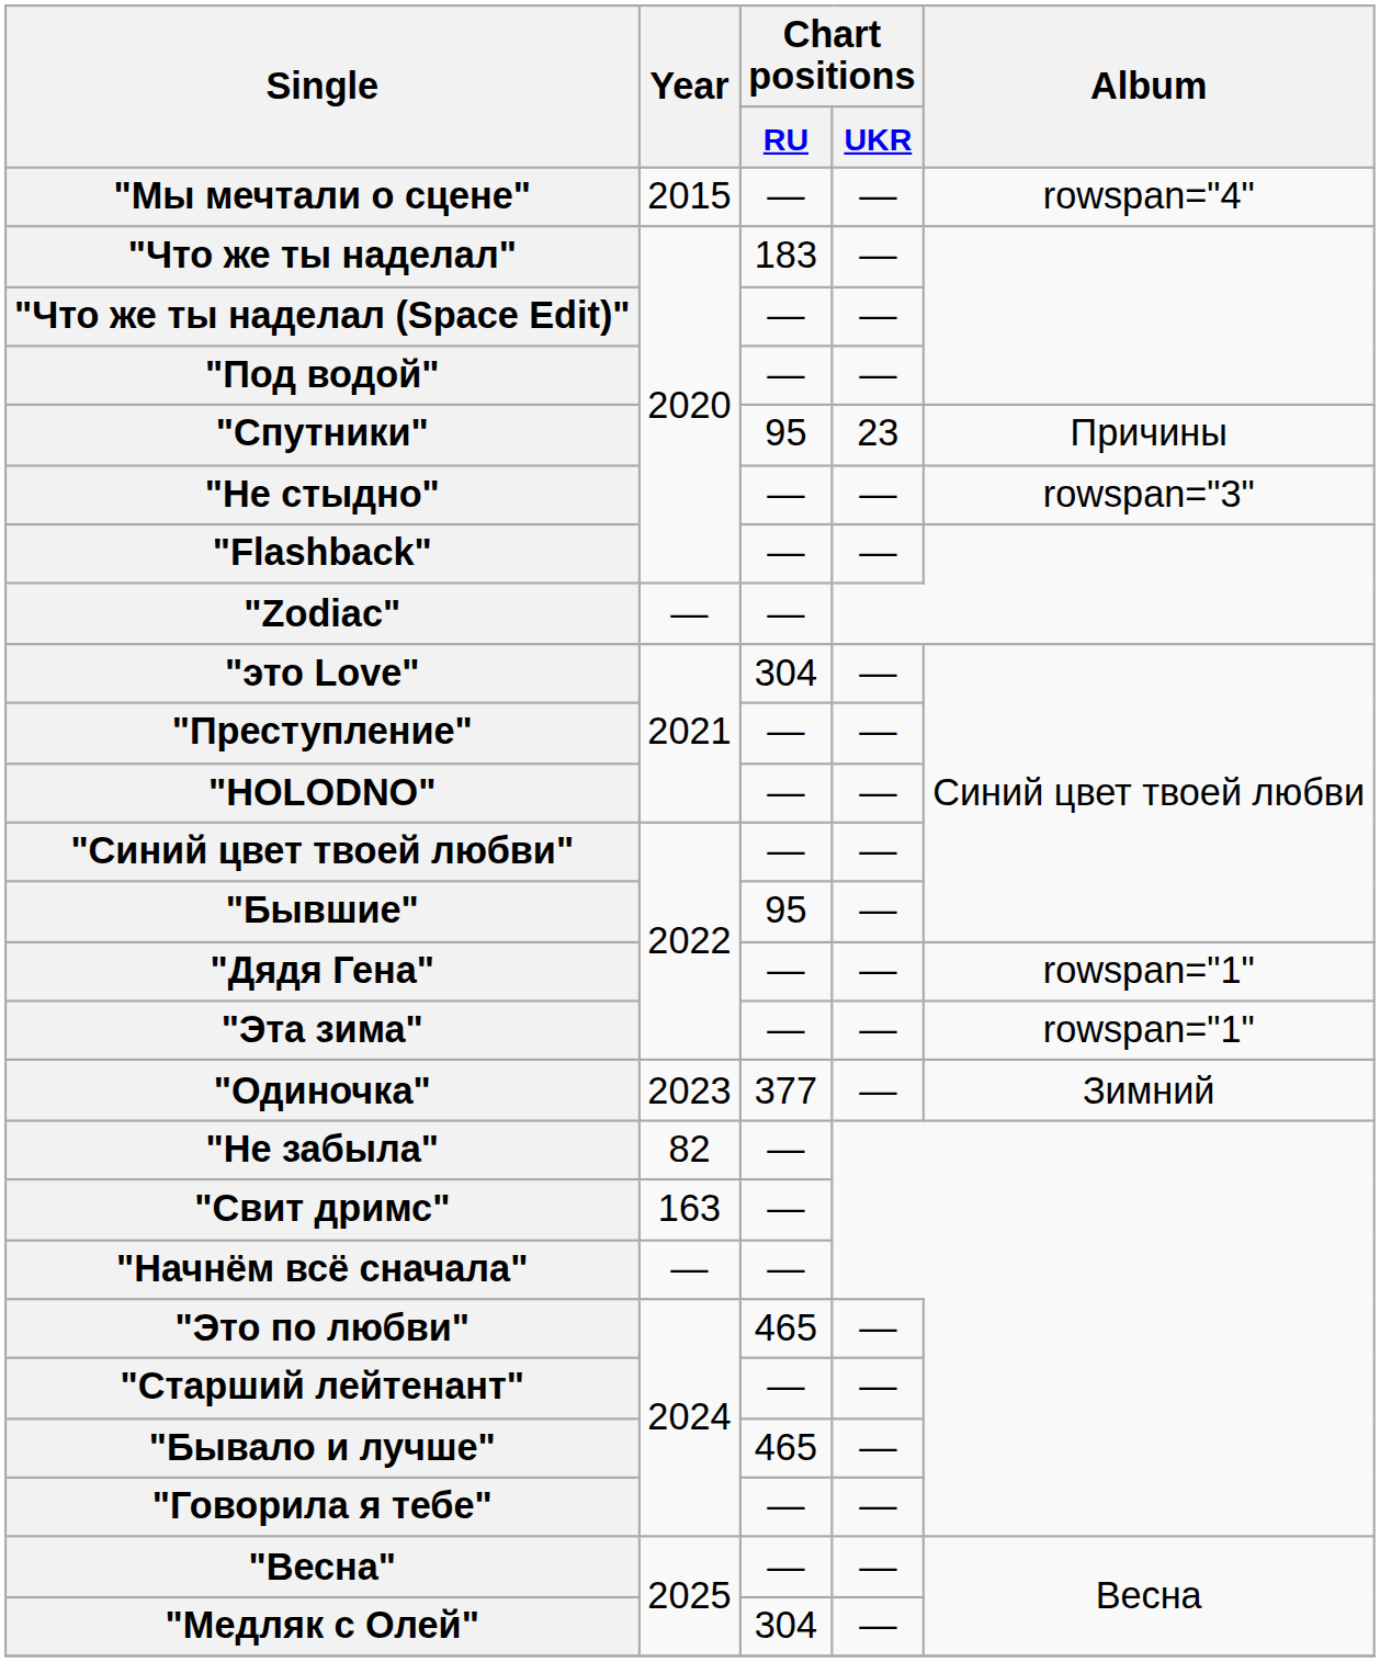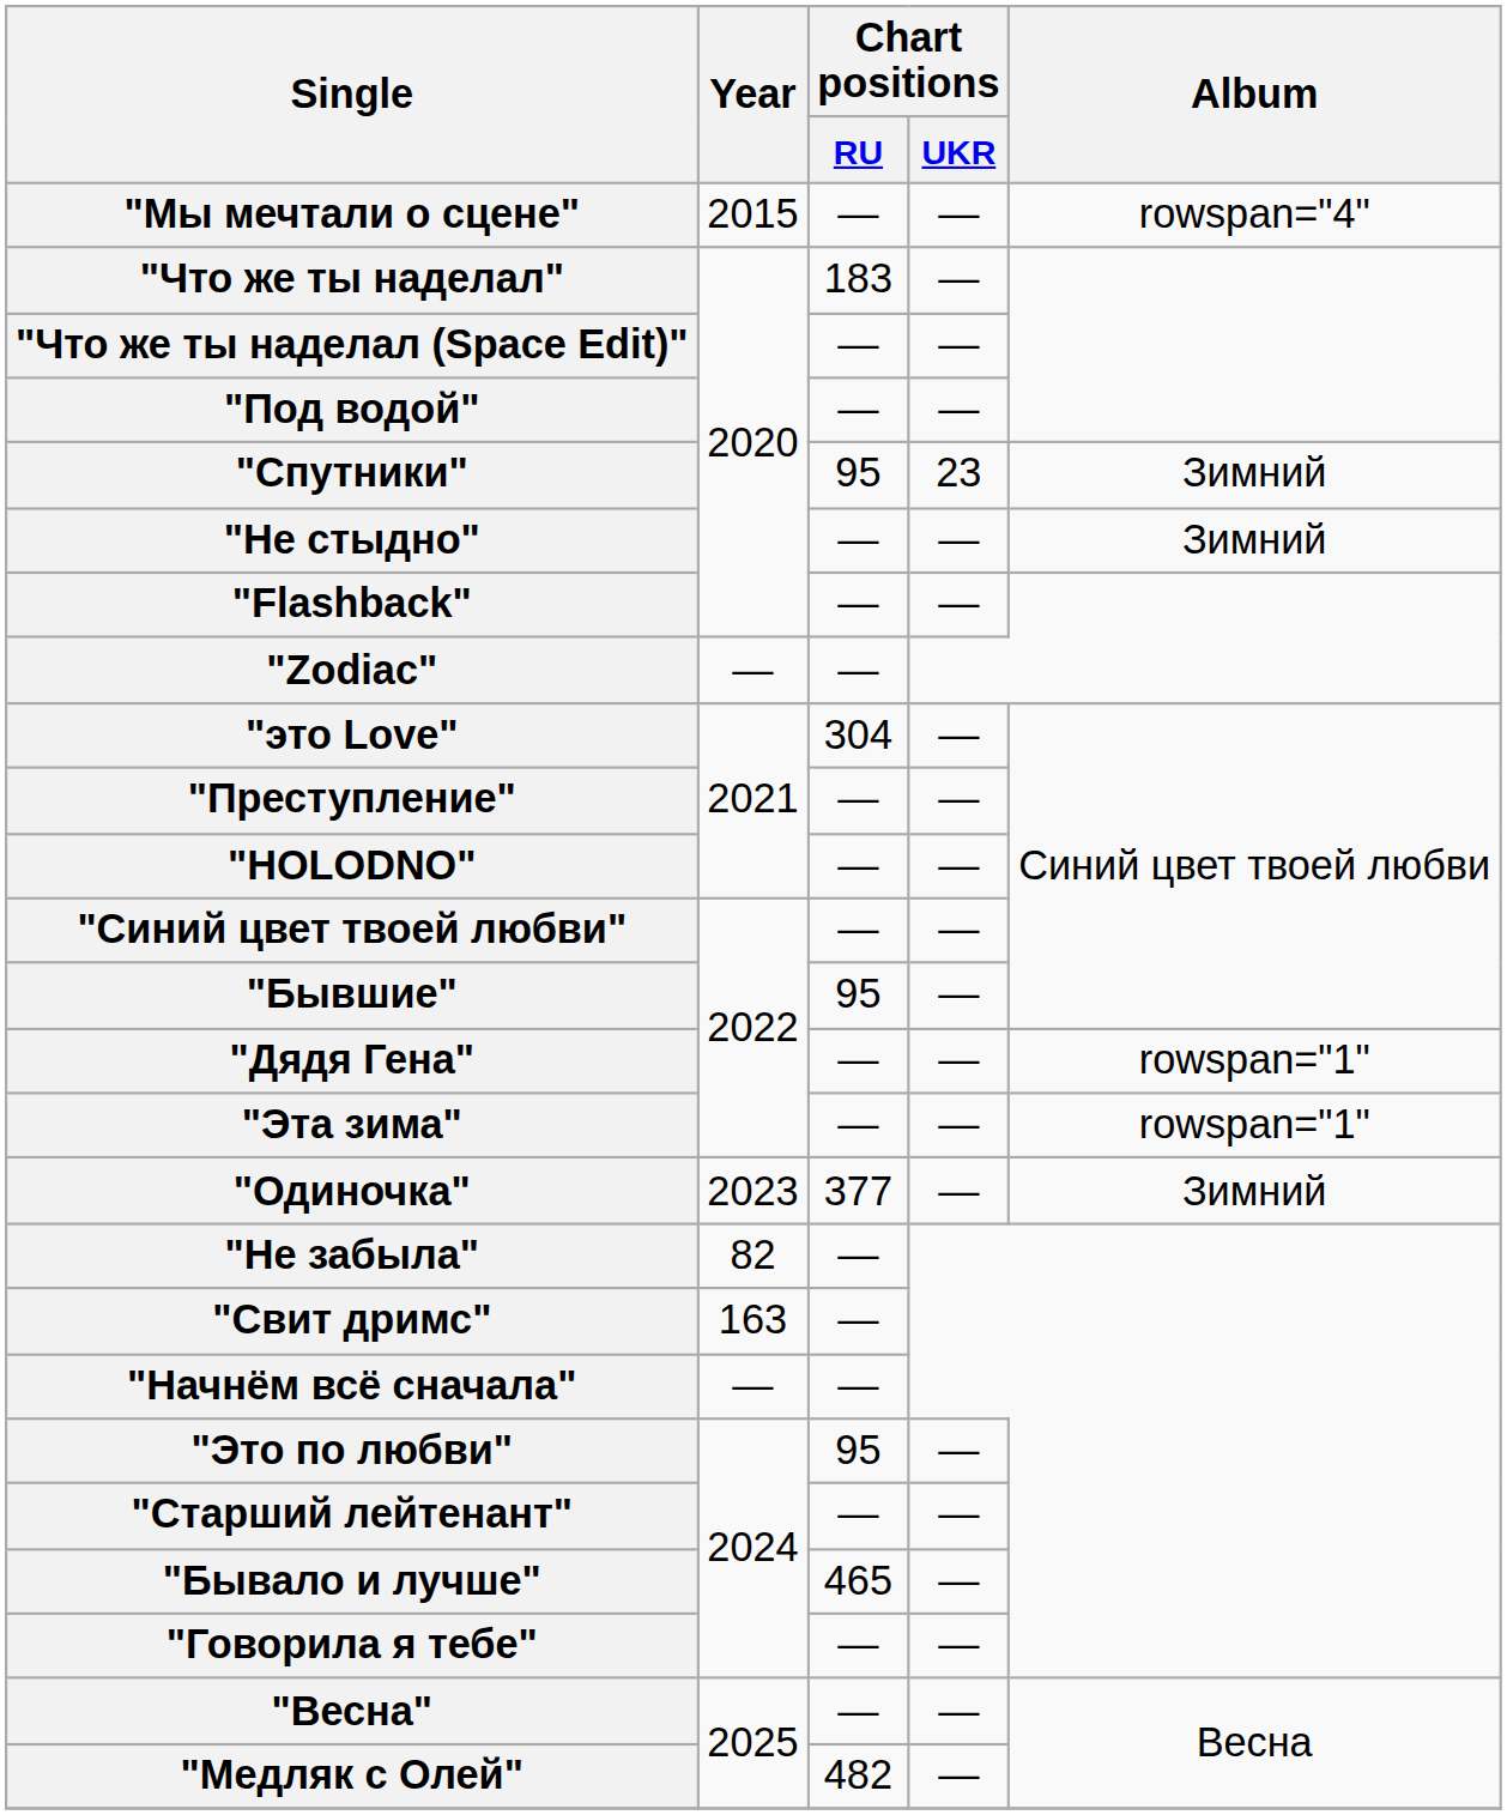 <table class="wikitable plainrowheaders" style="text-align: center;">
 <tr>
 <th rowspan="2">Single</th>
 <th rowspan="2">Year</th>
 <th colspan="2">Chart positions</th>
 <th rowspan="2">Album</th>
 </tr>
 <tr>
 <th style="width:30px;"><small> <a href='#'>RU</a><br> </small></th>
 <th style="width:30px;"><small> <a href='#'>UKR</a><br> </small></th>
 </tr>
 <tr>
 <th scope="row">"Мы мечтали о сцене"</th>
 <td rowspan="1">2015</td>
 <td>—</td>
 <td>—</td>
 <td>rowspan="4" </td>
 </tr>
 <tr>
 <th scope="row">"Что же ты наделал"</th>
 <td rowspan="6">2020</td>
 <td>183</td>
 <td>—</td>
 </tr>
 <tr>
 <th scope="row">"Что же ты наделал (Space Edit)"</th>
 <td>—</td>
 <td>—</td>
 </tr>
 <tr>
 <th scope="row">"Под водой"</th>
 <td>—</td>
 <td>—</td>
 </tr>
 <tr>
 <th scope="row">"Спутники"</th>
 <td>95</td>
 <td>23</td>
-<td rowspan="1">Причины</td>
+<td rowspan="1">Зимний</td>
 </tr>
 <tr>
 <th scope="row">"Не стыдно"</th>
 <td>—</td>
 <td>—</td>
-<td>rowspan="3" </td>
+<td rowspan="1">Зимний</td>
 </tr>
 <tr>
 <th scope="row">"Flashback"</th>
 <td>—</td>
 <td>—</td>
 </tr>
 <tr>
 <th scope="row">"Zodiac"</th>
 <td>—</td>
 <td>—</td>
 </tr>
 <tr>
 <th scope="row">"это Love"</th>
 <td rowspan="3">2021</td>
 <td>304</td>
 <td>—</td>
 <td rowspan="5">Синий цвет твоей любви</td>
 </tr>
 <tr>
 <th scope="row">"Преступление"</th>
 <td>—</td>
 <td>—</td>
 </tr>
 <tr>
 <th scope="row">"HOLODNO"</th>
 <td>—</td>
 <td>—</td>
 </tr>
 <tr>
 <th scope="row">"Синий цвет твоей любви"</th>
 <td rowspan="4">2022</td>
 <td>—</td>
 <td>—</td>
 </tr>
 <tr>
 <th scope="row">"Бывшие"</th>
 <td>95</td>
 <td>—</td>
 </tr>
 <tr>
 <th scope="row">"Дядя Гена"</th>
 <td>—</td>
 <td>—</td>
 <td>rowspan="1" </td>
 </tr>
 <tr>
 <th scope="row">"Эта зима"</th>
 <td>—</td>
 <td>—</td>
 <td>rowspan="1" </td>
 </tr>
 <tr>
 <th scope="row">"Одиночка"</th>
 <td rowspan="r">2023</td>
 <td>377</td>
 <td>—</td>
 <td rowspan="1">Зимний</td>
 </tr>
 <tr>
 <th scope="row">"Не забыла"</th>
 <td>82</td>
 <td>—</td>
 </tr>
 <tr>
 <th scope="row">"Свит дримс"</th>
 <td>163</td>
 <td>—</td>
 </tr>
 <tr>
 <th scope="row">"Начнём всё сначала"</th>
 <td>—</td>
 <td>—</td>
 </tr>
 <tr>
 <th scope="row">"Это по любви"</th>
 <td rowspan="4">2024</td>
-<td>465</td>
+<td>95</td>
 <td>—</td>
 </tr>
 <tr>
 <th scope="row">"Старший лейтенант"</th>
 <td>—</td>
 <td>—</td>
 </tr>
 <tr>
 <th scope="row">"Бывало и лучше"</th>
 <td>465</td>
 <td>—</td>
 </tr>
 <tr>
 <th scope="row">"Говорила я тебе"</th>
 <td>—</td>
 <td>—</td>
 </tr>
 <tr>
 <th scope="row">"Весна"</th>
 <td rowspan="2">2025</td>
 <td>—</td>
 <td>—</td>
 <td rowspan="2">Весна</td>
 </tr>
 <tr>
 <th scope="row">"Медляк с Олей"</th>
-<td>304</td>
+<td>482</td>
 <td>—</td>
 </tr>
 <tr>
 </tr>
 </table>
